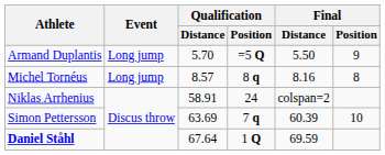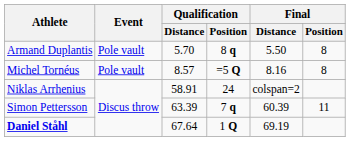 <table class=wikitable style="font-size:90%">
 <tr>
 <th rowspan="2">Athlete</th>
 <th rowspan="2">Event</th>
 <th colspan="2">Qualification</th>
 <th colspan="2">Final</th>
 </tr>
 <tr style="font-size:95%">
 <th>Distance</th>
 <th>Position</th>
 <th>Distance</th>
 <th>Position</th>
 </tr>
 <tr align=center>
 <td align=left><a href='#'>Armand Duplantis</a></td>
-<td align=left><a href='#'>Long jump</a></td>
+<td align=left><a href='#'>Pole vault</a></td>
 <td>5.70</td>
-<td>=5 <strong>Q</strong></td>
+<td>8 <strong>q</strong></td>
 <td>5.50</td>
-<td>9</td>
+<td>8</td>
 </tr>
 <tr align=center>
 <td align=left><a href='#'>Michel Tornéus</a></td>
-<td align=left><a href='#'>Long jump</a></td>
+<td align=left><a href='#'>Pole vault</a></td>
 <td>8.57</td>
-<td>8 <strong>q</strong></td>
+<td>=5 <strong>Q</strong></td>
 <td>8.16</td>
 <td>8</td>
 </tr>
 <tr align=center>
 <td align=left><a href='#'>Niklas Arrhenius</a></td>
 <td align=left rowspan=3><a href='#'>Discus throw</a></td>
 <td>58.91</td>
 <td>24</td>
 <td>colspan=2 </td>
 </tr>
 <tr align=center>
 <td align=left><a href='#'>Simon Pettersson</a></td>
-<td>63.69</td>
+<td>63.39</td>
 <td>7 <strong>q</strong></td>
 <td>60.39</td>
-<td>10</td>
+<td>11</td>
 </tr>
 <tr align=center>
 <td align=left><strong><a href='#'>Daniel Ståhl</a></strong></td>
 <td>67.64</td>
 <td>1 <strong>Q</strong></td>
-<td>69.59</td>
+<td>69.19</td>
 <td></td>
 </tr>
 </table>
